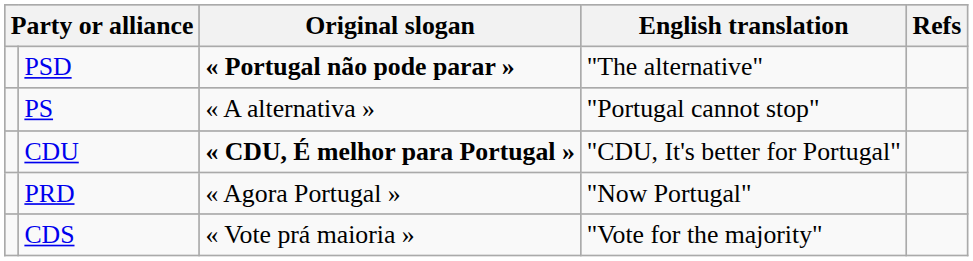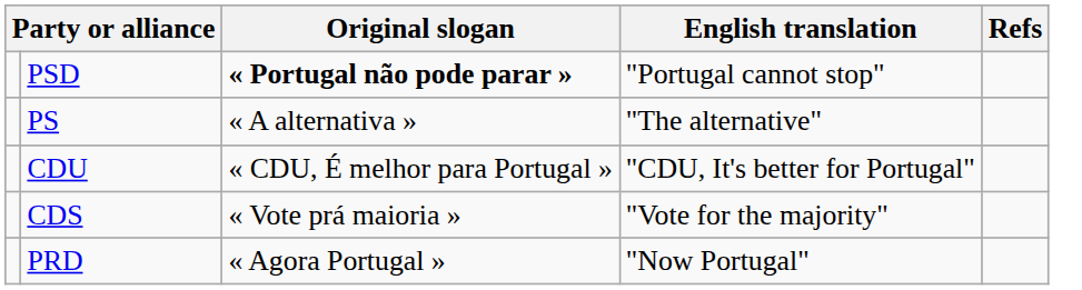 <table class="wikitable" style="font-size:97%; text-align:left;">
 <tr>
 <th style="text-align:left;" colspan="2">Party or alliance</th>
 <th>Original slogan</th>
 <th>English translation</th>
 <th>Refs</th>
 </tr>
 <tr>
 <td style="color:inherit;background:"></td>
 <td><a href='#'>PSD</a></td>
 <td><strong>« Portugal não pode parar »</strong></td>
-<td>"The alternative"</td>
+<td>"Portugal cannot stop"</td>
 <td></td>
 </tr>
 <tr>
 <td width="1" style="color:inherit;background:"></td>
 <td><a href='#'>PS</a></td>
 <td>« A alternativa »</td>
-<td>"Portugal cannot stop"</td>
+<td>"The alternative"</td>
 <td></td>
 </tr>
 <tr>
 <td style="color:inherit;background:"></td>
 <td><a href='#'>CDU</a></td>
-<td><strong>« CDU, É melhor para Portugal »</strong></td>
+<td>« CDU, É melhor para Portugal »</td>
 <td>"CDU, It's better for Portugal"</td>
+<td></td>
+</tr>
+<tr>
+<td style="color:inherit;background:"></td>
+<td><a href='#'>CDS</a></td>
+<td>« Vote prá maioria »</td>
+<td>"Vote for the majority"</td>
 <td></td>
 </tr>
 <tr>
 <td style="color:inherit;background:"></td>
 <td><a href='#'>PRD</a></td>
 <td>« Agora Portugal »</td>
 <td>"Now Portugal"</td>
 <td></td>
 </tr>
-<tr>
-<td style="color:inherit;background:"></td>
-<td><a href='#'>CDS</a></td>
-<td>« Vote prá maioria »</td>
-<td>"Vote for the majority"</td>
-<td></td>
-</tr>
 </table>
